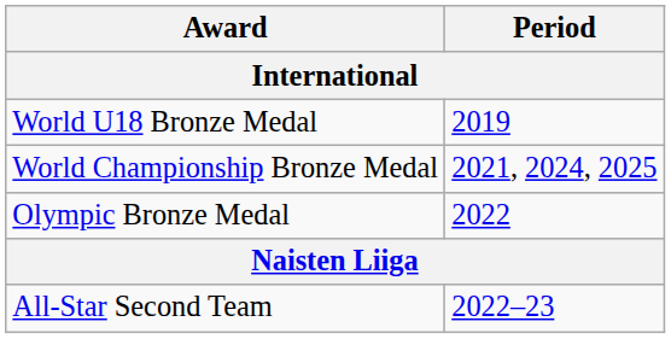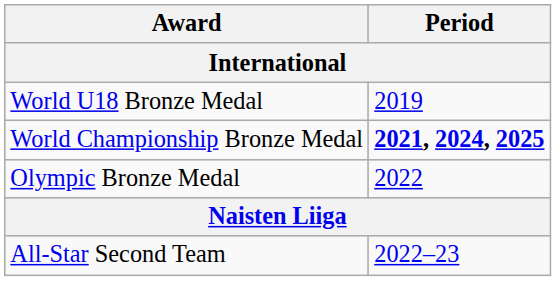 <table class="wikitable">
 <tr>
 <th scope="col">Award</th>
 <th scope="col">Period</th>
 </tr>
 <tr>
 <th colspan="2">International</th>
 </tr>
 <tr>
 <td><a href='#'>World U18</a> Bronze Medal</td>
 <td><a href='#'>2019</a></td>
 </tr>
 <tr>
 <td><a href='#'>World Championship</a> Bronze Medal</td>
-<td><a href='#'>2021</a>, <a href='#'>2024</a>, <a href='#'>2025</a></td>
+<td><strong><a href='#'>2021</a>, <a href='#'>2024</a>, <a href='#'>2025</a></strong></td>
 </tr>
 <tr>
 <td><a href='#'>Olympic</a> Bronze Medal</td>
 <td><a href='#'>2022</a></td>
 </tr>
 <tr>
 <th colspan="2"><a href='#'>Naisten Liiga</a></th>
 </tr>
 <tr>
 <td><a href='#'>All-Star</a> Second Team</td>
 <td><a href='#'>2022–23</a></td>
 </tr>
 </table>
